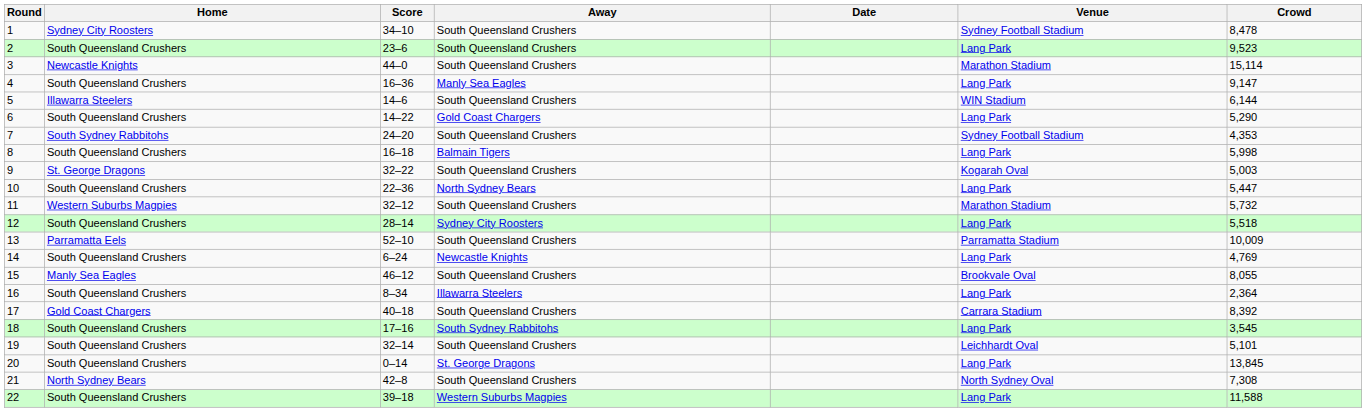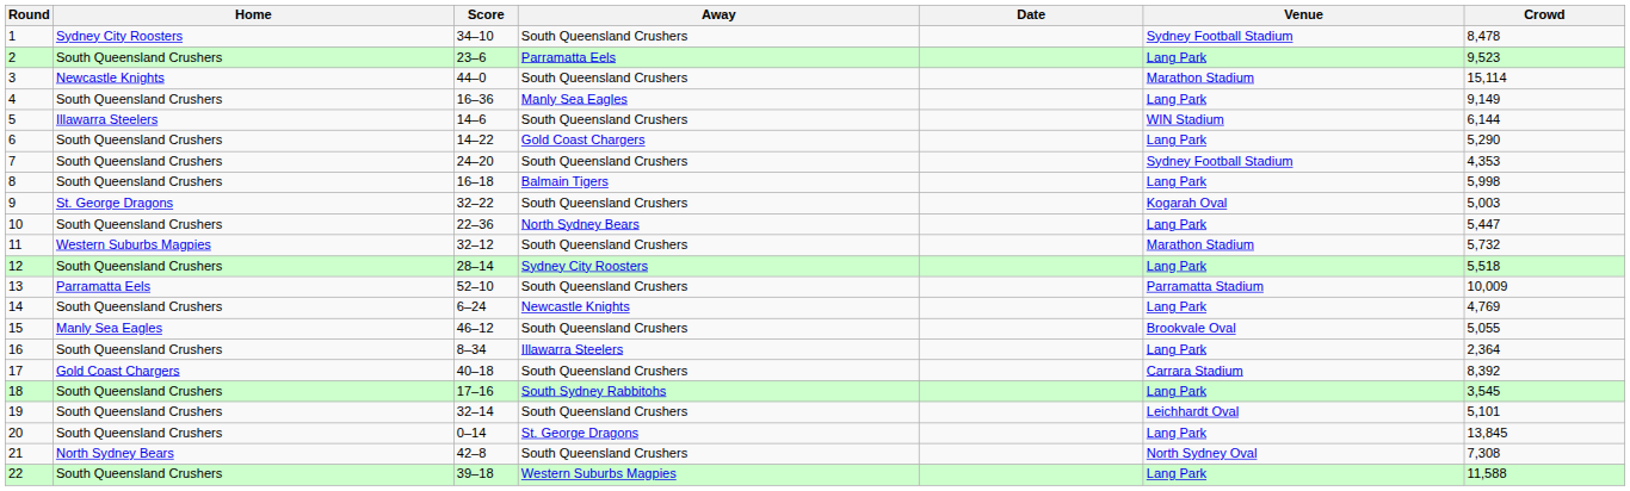 <table class="wikitable sortable">
 <tr>
 <th width=2%>Round</th>
 <th width=25%>Home</th>
 <th width=4%>Score</th>
 <th width=25%>Away</th>
 <th width=14%>Date</th>
 <th width=20%>Venue</th>
 <th width=10%>Crowd</th>
 </tr>
 <tr>
 <td>1</td>
 <td align=left><a href='#'>Sydney City Roosters</a></td>
 <td>34–10</td>
 <td align=left>South Queensland Crushers</td>
 <td></td>
 <td><a href='#'>Sydney Football Stadium</a></td>
 <td>8,478</td>
 </tr>
 <tr bgcolor=#ccffcc>
 <td>2</td>
 <td align=left>South Queensland Crushers</td>
 <td>23–6</td>
-<td align=left>South Queensland Crushers</td>
+<td align=left><a href='#'>Parramatta Eels</a></td>
 <td></td>
 <td><a href='#'>Lang Park</a></td>
 <td>9,523</td>
 </tr>
 <tr>
 <td>3</td>
 <td align=left><a href='#'>Newcastle Knights</a></td>
 <td>44–0</td>
 <td align=left>South Queensland Crushers</td>
 <td></td>
 <td><a href='#'>Marathon Stadium</a></td>
 <td>15,114</td>
 </tr>
 <tr>
 <td>4</td>
 <td align=left>South Queensland Crushers</td>
 <td>16–36</td>
 <td align=left><a href='#'>Manly Sea Eagles</a></td>
 <td></td>
 <td><a href='#'>Lang Park</a></td>
-<td>9,147</td>
+<td>9,149</td>
 </tr>
 <tr>
 <td>5</td>
 <td align=left><a href='#'>Illawarra Steelers</a></td>
 <td>14–6</td>
 <td align=left>South Queensland Crushers</td>
 <td></td>
 <td><a href='#'>WIN Stadium</a></td>
 <td>6,144</td>
 </tr>
 <tr>
 <td>6</td>
 <td align=left>South Queensland Crushers</td>
 <td>14–22</td>
 <td align=left><a href='#'>Gold Coast Chargers</a></td>
 <td></td>
 <td><a href='#'>Lang Park</a></td>
 <td>5,290</td>
 </tr>
 <tr>
 <td>7</td>
-<td align=left><a href='#'>South Sydney Rabbitohs</a></td>
+<td align=left>South Queensland Crushers</td>
 <td>24–20</td>
 <td align=left>South Queensland Crushers</td>
 <td></td>
 <td><a href='#'>Sydney Football Stadium</a></td>
 <td>4,353</td>
 </tr>
 <tr>
 <td>8</td>
 <td align=left>South Queensland Crushers</td>
 <td>16–18</td>
 <td align=left><a href='#'>Balmain Tigers</a></td>
 <td></td>
 <td><a href='#'>Lang Park</a></td>
 <td>5,998</td>
 </tr>
 <tr>
 <td>9</td>
 <td align=left><a href='#'>St. George Dragons</a></td>
 <td>32–22</td>
 <td align=left>South Queensland Crushers</td>
 <td></td>
 <td><a href='#'>Kogarah Oval</a></td>
 <td>5,003</td>
 </tr>
 <tr>
 <td>10</td>
 <td align=left>South Queensland Crushers</td>
 <td>22–36</td>
 <td align=left><a href='#'>North Sydney Bears</a></td>
 <td></td>
 <td><a href='#'>Lang Park</a></td>
 <td>5,447</td>
 </tr>
 <tr>
 <td>11</td>
 <td align=left><a href='#'>Western Suburbs Magpies</a></td>
 <td>32–12</td>
 <td align=left>South Queensland Crushers</td>
 <td></td>
 <td><a href='#'>Marathon Stadium</a></td>
 <td>5,732</td>
 </tr>
 <tr bgcolor=#ccffcc>
 <td>12</td>
 <td align=left>South Queensland Crushers</td>
 <td>28–14</td>
 <td align=left><a href='#'>Sydney City Roosters</a></td>
 <td></td>
 <td><a href='#'>Lang Park</a></td>
 <td>5,518</td>
 </tr>
 <tr>
 <td>13</td>
 <td align=left><a href='#'>Parramatta Eels</a></td>
 <td>52–10</td>
 <td align=left>South Queensland Crushers</td>
 <td></td>
 <td><a href='#'>Parramatta Stadium</a></td>
 <td>10,009</td>
 </tr>
 <tr>
 <td>14</td>
 <td align=left>South Queensland Crushers</td>
 <td>6–24</td>
 <td align=left><a href='#'>Newcastle Knights</a></td>
 <td></td>
 <td><a href='#'>Lang Park</a></td>
 <td>4,769</td>
 </tr>
 <tr>
 <td>15</td>
 <td align=left><a href='#'>Manly Sea Eagles</a></td>
 <td>46–12</td>
 <td align=left>South Queensland Crushers</td>
 <td></td>
 <td><a href='#'>Brookvale Oval</a></td>
-<td>8,055</td>
+<td>5,055</td>
 </tr>
 <tr>
 <td>16</td>
 <td align=left>South Queensland Crushers</td>
 <td>8–34</td>
 <td align=left><a href='#'>Illawarra Steelers</a></td>
 <td></td>
 <td><a href='#'>Lang Park</a></td>
 <td>2,364</td>
 </tr>
 <tr>
 <td>17</td>
 <td align=left><a href='#'>Gold Coast Chargers</a></td>
 <td>40–18</td>
 <td align=left>South Queensland Crushers</td>
 <td></td>
 <td><a href='#'>Carrara Stadium</a></td>
 <td>8,392</td>
 </tr>
 <tr bgcolor=#ccffcc>
 <td>18</td>
 <td align=left>South Queensland Crushers</td>
 <td>17–16</td>
 <td align=left><a href='#'>South Sydney Rabbitohs</a></td>
 <td></td>
 <td><a href='#'>Lang Park</a></td>
 <td>3,545</td>
 </tr>
 <tr>
 <td>19</td>
 <td align=left>South Queensland Crushers</td>
 <td>32–14</td>
 <td align=left>South Queensland Crushers</td>
 <td></td>
 <td><a href='#'>Leichhardt Oval</a></td>
 <td>5,101</td>
 </tr>
 <tr>
 <td>20</td>
 <td align=left>South Queensland Crushers</td>
 <td>0–14</td>
 <td align=left><a href='#'>St. George Dragons</a></td>
 <td></td>
 <td><a href='#'>Lang Park</a></td>
 <td>13,845</td>
 </tr>
 <tr>
 <td>21</td>
 <td align=left><a href='#'>North Sydney Bears</a></td>
 <td>42–8</td>
 <td align=left>South Queensland Crushers</td>
 <td></td>
 <td><a href='#'>North Sydney Oval</a></td>
 <td>7,308</td>
 </tr>
 <tr bgcolor=#ccffcc>
 <td>22</td>
 <td align=left>South Queensland Crushers</td>
 <td>39–18</td>
 <td align=left><a href='#'>Western Suburbs Magpies</a></td>
 <td></td>
 <td><a href='#'>Lang Park</a></td>
 <td>11,588</td>
 </tr>
 </table>
